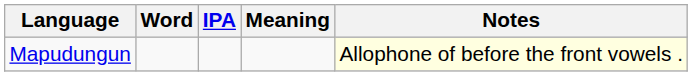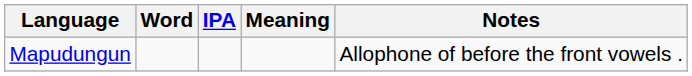 <table class="wikitable">
 <tr>
 <th colspan="2">Language</th>
 <th>Word</th>
 <th><a href='#'>IPA</a></th>
 <th>Meaning</th>
 <th>Notes</th>
 </tr>
 <tr>
 <td colspan="2"><a href='#'>Mapudungun</a></td>
 <td></td>
 <td></td>
 <td></td>
-<td style="background: lightyellow;">Allophone of  before the front vowels .</td>
+<td>Allophone of  before the front vowels .</td>
 </tr>
 </table>
